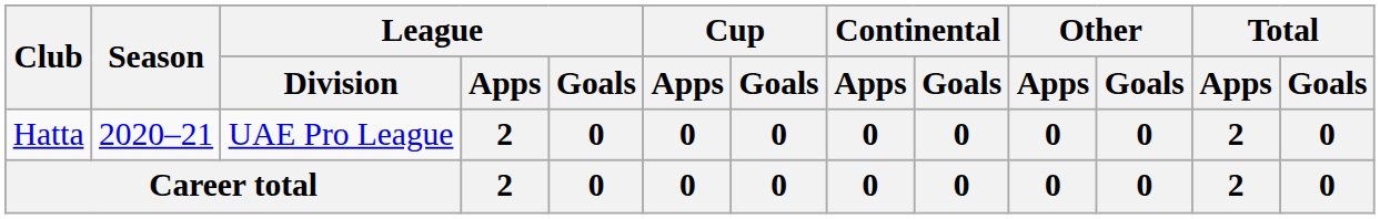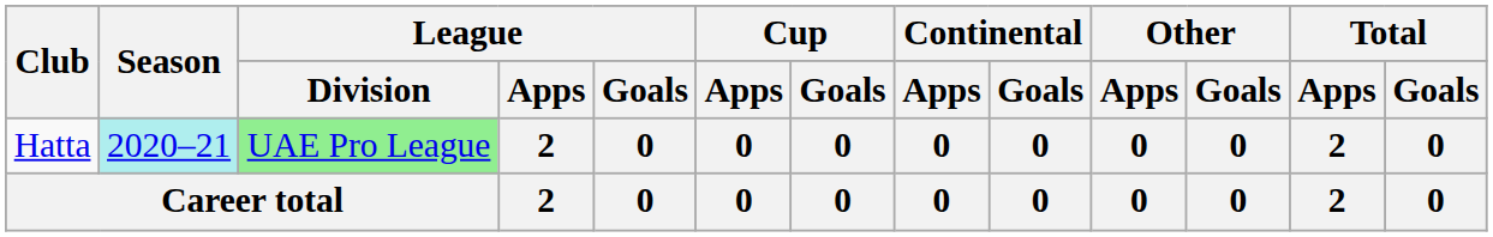 <table class="wikitable" style="text-align: center">
 <tr>
 <th rowspan="2">Club</th>
 <th rowspan="2">Season</th>
 <th colspan="3">League</th>
 <th colspan="2">Cup</th>
 <th colspan="2">Continental</th>
 <th colspan="2">Other</th>
 <th colspan="2">Total</th>
 </tr>
 <tr>
 <th>Division</th>
 <th>Apps</th>
 <th>Goals</th>
 <th>Apps</th>
 <th>Goals</th>
 <th>Apps</th>
 <th>Goals</th>
 <th>Apps</th>
 <th>Goals</th>
 <th>Apps</th>
 <th>Goals</th>
 </tr>
 <tr>
 <td><a href='#'>Hatta</a></td>
-<td><a href='#'>2020–21</a></td>
-<td><a href='#'>UAE Pro League</a></td>
+<td style="background: paleturquoise;"><a href='#'>2020–21</a></td>
+<td style="background: lightgreen;"><a href='#'>UAE Pro League</a></td>
 <th>2</th>
 <th>0</th>
 <th>0</th>
 <th>0</th>
 <th>0</th>
 <th>0</th>
 <th>0</th>
 <th>0</th>
 <th>2</th>
 <th>0</th>
 </tr>
 <tr>
 <th colspan="3"><strong>Career total</strong></th>
 <th>2</th>
 <th>0</th>
 <th>0</th>
 <th>0</th>
 <th>0</th>
 <th>0</th>
 <th>0</th>
 <th>0</th>
 <th>2</th>
 <th>0</th>
 </tr>
 </table>
